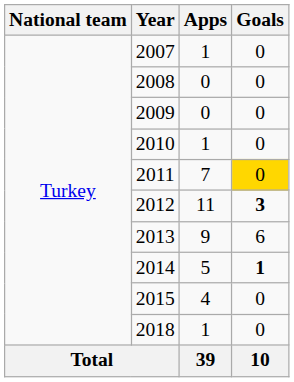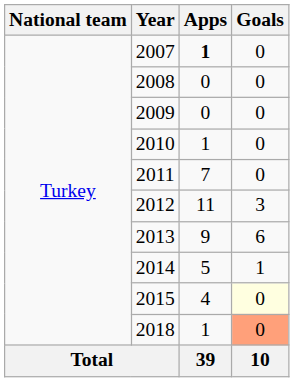 <table class="wikitable" style="text-align:center">
 <tr>
 <th>National team</th>
 <th>Year</th>
 <th>Apps</th>
 <th>Goals</th>
 </tr>
 <tr>
 <td rowspan=10><a href='#'>Turkey</a></td>
 <td>2007</td>
-<td>1</td>
+<td><strong>1</strong></td>
 <td>0</td>
 </tr>
 <tr>
 <td>2008</td>
 <td>0</td>
 <td>0</td>
 </tr>
 <tr>
 <td>2009</td>
 <td>0</td>
 <td>0</td>
 </tr>
 <tr>
 <td>2010</td>
 <td>1</td>
 <td>0</td>
 </tr>
 <tr>
 <td>2011</td>
 <td>7</td>
-<td style="background: gold;">0</td>
+<td>0</td>
 </tr>
 <tr>
 <td>2012</td>
 <td>11</td>
-<td><strong>3</strong></td>
+<td>3</td>
 </tr>
 <tr>
 <td>2013</td>
 <td>9</td>
 <td>6</td>
 </tr>
 <tr>
 <td>2014</td>
 <td>5</td>
-<td><strong>1</strong></td>
+<td>1</td>
 </tr>
 <tr>
 <td>2015</td>
 <td>4</td>
-<td>0</td>
+<td style="background: lightyellow;">0</td>
 </tr>
 <tr>
 <td>2018</td>
 <td>1</td>
-<td>0</td>
+<td style="background: lightsalmon;">0</td>
 </tr>
 <tr>
 <th colspan=2>Total</th>
 <th>39</th>
 <th>10</th>
 </tr>
 </table>
